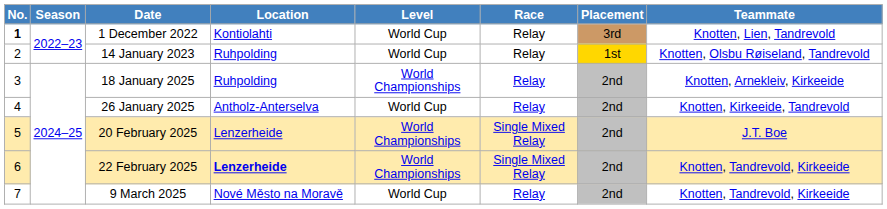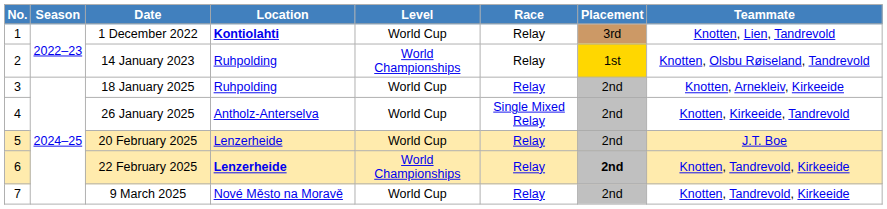 <table class="wikitable sortable" style="font-size:85%; text-align:center; border:grey solid 1px; border-collapse:collapse; background:#ffffff;">
 <tr style="background:#efefef;">
 <th style="background-color:#4180be; color:white;">No.</th>
 <th style="background-color:#4180be; color:white;">Season</th>
 <th style="background-color:#4180be; color:white; width:130px;">Date</th>
 <th style="background-color:#4180be; color:white; width:150px;">Location</th>
 <th style="background-color:#4180be; color:white; width:130px;">Level</th>
 <th style="background-color:#4180be; color:white; width:100px;">Race</th>
 <th style="background-color:#4180be; color:white; width:50px;">Placement</th>
 <th style="background-color:#4180be; color:white; width:250px;">Teammate</th>
 </tr>
 <tr>
-<td><strong>1</strong></td>
+<td>1</td>
 <td rowspan=2><a href='#'>2022–23</a></td>
 <td>1 December 2022</td>
-<td align=left> <a href='#'>Kontiolahti</a></td>
+<td align=left><strong> <a href='#'>Kontiolahti</a></strong></td>
 <td>World Cup</td>
 <td align=center>Relay</td>
 <td align=center bgcolor="#CC9966">3rd</td>
 <td><a href='#'>Knotten</a>, <a href='#'>Lien</a>, <a href='#'>Tandrevold</a></td>
 </tr>
 <tr>
 <td>2</td>
 <td>14 January 2023</td>
 <td align=left> <a href='#'>Ruhpolding</a></td>
-<td>World Cup</td>
+<td><a href='#'>World Championships</a></td>
 <td align=center>Relay</td>
 <td align=center bgcolor="gold">1st</td>
 <td><a href='#'>Knotten</a>, <a href='#'>Olsbu Røiseland</a>, <a href='#'>Tandrevold</a></td>
 </tr>
 <tr>
 <td>3</td>
 <td rowspan=5><a href='#'>2024–25</a></td>
 <td>18 January 2025</td>
 <td align=left> <a href='#'>Ruhpolding</a></td>
-<td><a href='#'>World Championships</a></td>
+<td>World Cup</td>
 <td align=center><a href='#'>Relay</a></td>
 <td align=center bgcolor="silver">2nd</td>
 <td><a href='#'>Knotten</a>, <a href='#'>Arnekleiv</a>, <a href='#'>Kirkeeide</a></td>
 </tr>
 <tr>
 <td>4</td>
 <td>26 January 2025</td>
 <td align=left> <a href='#'>Antholz-Anterselva</a></td>
 <td>World Cup</td>
-<td align=center><a href='#'>Relay</a></td>
+<td align=center><a href='#'>Single Mixed Relay</a></td>
 <td align=center bgcolor="silver">2nd</td>
 <td><a href='#'>Knotten</a>, <a href='#'>Kirkeeide</a>, <a href='#'>Tandrevold</a></td>
 </tr>
 <tr style="background:#FFEBAD">
 <td>5</td>
 <td>20 February 2025</td>
 <td align=left> <a href='#'>Lenzerheide</a></td>
-<td><a href='#'>World Championships</a></td>
-<td align=center><a href='#'>Single Mixed Relay</a></td>
+<td>World Cup</td>
+<td align=center><a href='#'>Relay</a></td>
 <td align=center bgcolor="silver">2nd</td>
 <td><a href='#'>J.T. Boe</a></td>
 </tr>
 <tr style="background:#FFEBAD">
 <td>6</td>
 <td>22 February 2025</td>
 <td align=left><strong> <a href='#'>Lenzerheide</a></strong></td>
 <td><a href='#'>World Championships</a></td>
-<td align=center><a href='#'>Single Mixed Relay</a></td>
-<td align=center bgcolor="silver">2nd</td>
+<td align=center><a href='#'>Relay</a></td>
+<td align=center bgcolor="silver"><strong>2nd</strong></td>
 <td><a href='#'>Knotten</a>, <a href='#'>Tandrevold</a>, <a href='#'>Kirkeeide</a></td>
 </tr>
 <tr>
 <td>7</td>
 <td>9 March 2025</td>
 <td align=left> <a href='#'>Nové Město na Moravě</a></td>
 <td>World Cup</td>
 <td align=center><a href='#'>Relay</a></td>
 <td align=center bgcolor="silver">2nd</td>
 <td><a href='#'>Knotten</a>, <a href='#'>Tandrevold</a>, <a href='#'>Kirkeeide</a></td>
 </tr>
 </table>
